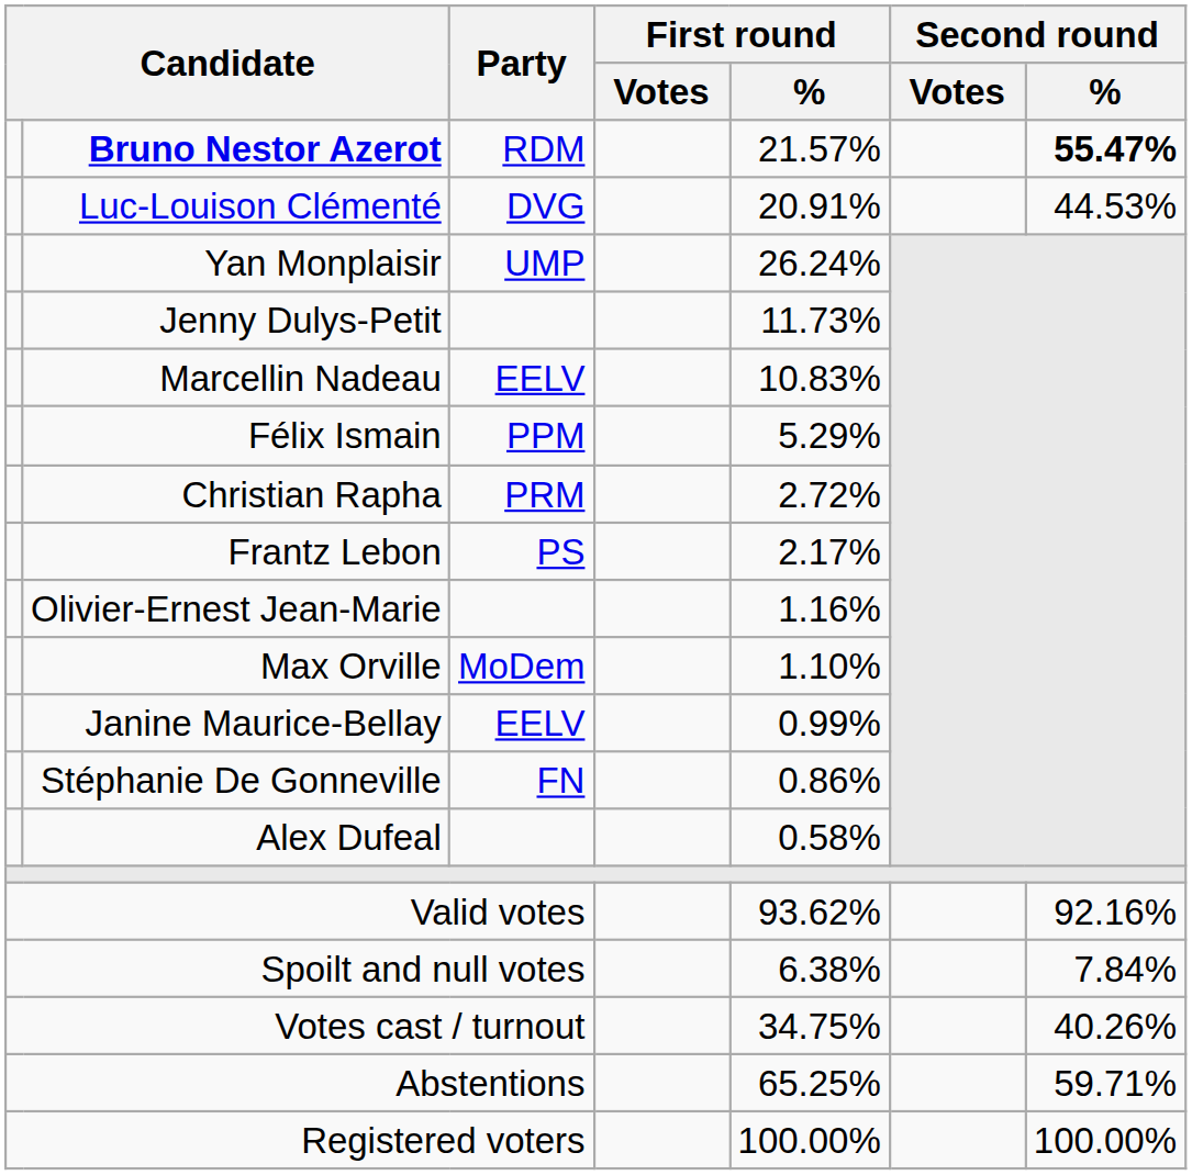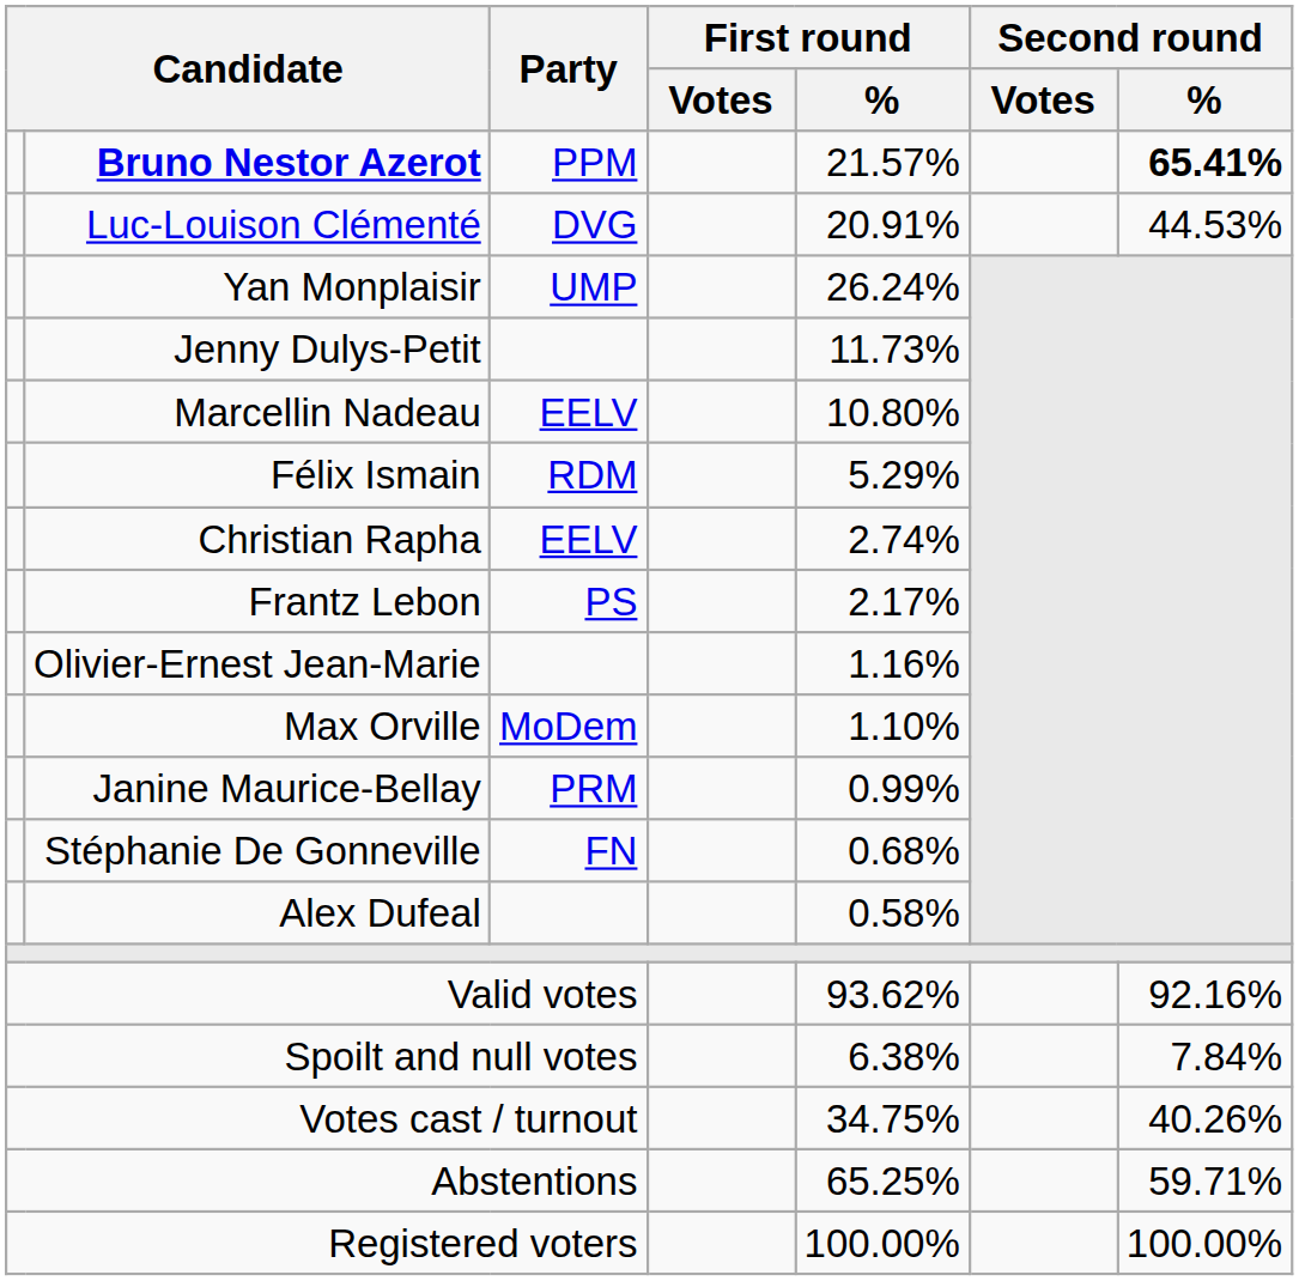 <table class="wikitable" style="text-align:right;font-size:95%;">
 <tr>
 <th rowspan=2 colspan=2>Candidate</th>
 <th rowspan=2 colspan=1>Party</th>
 <th colspan=2>First round</th>
 <th colspan=2>Second round</th>
 </tr>
 <tr>
 <th style="width:50px;">Votes</th>
 <th style="width:55px;">%</th>
 <th style="width:50px;">Votes</th>
 <th style="width:55px;">%</th>
 </tr>
 <tr>
 <td style="color:inherit;background-color:"></td>
 <td><strong><a href='#'>Bruno Nestor Azerot</a></strong></td>
-<td><a href='#'>RDM</a></td>
+<td><a href='#'>PPM</a></td>
 <td></td>
 <td>21.57%</td>
 <td><strong></strong></td>
-<td><strong>55.47%</strong></td>
+<td><strong>65.41%</strong></td>
 </tr>
 <tr>
 <td style="color:inherit;background-color:"></td>
 <td><a href='#'>Luc-Louison Clémenté</a></td>
 <td><a href='#'>DVG</a></td>
 <td></td>
 <td>20.91%</td>
 <td></td>
 <td>44.53%</td>
 </tr>
 <tr>
 <td style="color:inherit;background-color:"></td>
 <td>Yan Monplaisir</td>
 <td><a href='#'>UMP</a></td>
 <td></td>
 <td>26.24%</td>
 <td colspan=7 rowspan=11 style="background-color:#E9E9E9;"></td>
 </tr>
 <tr>
 <td style="background-color:;"></td>
 <td>Jenny Dulys-Petit</td>
 <td></td>
 <td></td>
 <td>11.73%</td>
 </tr>
 <tr>
 <td style="color:inherit;background-color:"></td>
 <td>Marcellin Nadeau</td>
 <td><a href='#'>EELV</a></td>
 <td></td>
-<td>10.83%</td>
+<td>10.80%</td>
 </tr>
 <tr>
 <td style="color:inherit;background-color:"></td>
 <td>Félix Ismain</td>
-<td><a href='#'>PPM</a></td>
+<td><a href='#'>RDM</a></td>
 <td></td>
 <td>5.29%</td>
 </tr>
 <tr>
 <td style="color:inherit;background-color:"></td>
 <td>Christian Rapha</td>
-<td><a href='#'>PRM</a></td>
+<td><a href='#'>EELV</a></td>
 <td></td>
-<td>2.72%</td>
+<td>2.74%</td>
 </tr>
 <tr>
 <td style="color:inherit;background-color:"></td>
 <td>Frantz Lebon</td>
 <td><a href='#'>PS</a></td>
 <td></td>
 <td>2.17%</td>
 </tr>
 <tr>
 <td style="background-color:;"></td>
 <td>Olivier-Ernest Jean-Marie</td>
 <td></td>
 <td></td>
 <td>1.16%</td>
 </tr>
 <tr>
 <td style="color:inherit;background-color:"></td>
 <td>Max Orville</td>
 <td><a href='#'>MoDem</a></td>
 <td></td>
 <td>1.10%</td>
 </tr>
 <tr>
 <td style="color:inherit;background-color:"></td>
 <td>Janine Maurice-Bellay</td>
-<td><a href='#'>EELV</a></td>
+<td><a href='#'>PRM</a></td>
 <td></td>
 <td>0.99%</td>
 </tr>
 <tr>
 <td style="color:inherit;background-color:"></td>
 <td>Stéphanie De Gonneville</td>
 <td><a href='#'>FN</a></td>
 <td></td>
-<td>0.86%</td>
+<td>0.68%</td>
 </tr>
 <tr>
 <td style="color:inherit;background-color:"></td>
 <td>Alex Dufeal</td>
 <td></td>
 <td></td>
 <td>0.58%</td>
 </tr>
 <tr>
 <td colspan=7 style="background-color:#E9E9E9;"></td>
 </tr>
 <tr>
 <td colspan=3>Valid votes</td>
 <td></td>
 <td>93.62%</td>
 <td></td>
 <td>92.16%</td>
 </tr>
 <tr>
 <td colspan=3>Spoilt and null votes</td>
 <td></td>
 <td>6.38%</td>
 <td></td>
 <td>7.84%</td>
 </tr>
 <tr>
 <td colspan=3>Votes cast / turnout</td>
 <td></td>
 <td>34.75%</td>
 <td></td>
 <td>40.26%</td>
 </tr>
 <tr>
 <td colspan=3>Abstentions</td>
 <td></td>
 <td>65.25%</td>
 <td></td>
 <td>59.71%</td>
 </tr>
 <tr>
 <td colspan=3>Registered voters</td>
 <td></td>
 <td>100.00%</td>
 <td></td>
 <td>100.00%</td>
 </tr>
 </table>
